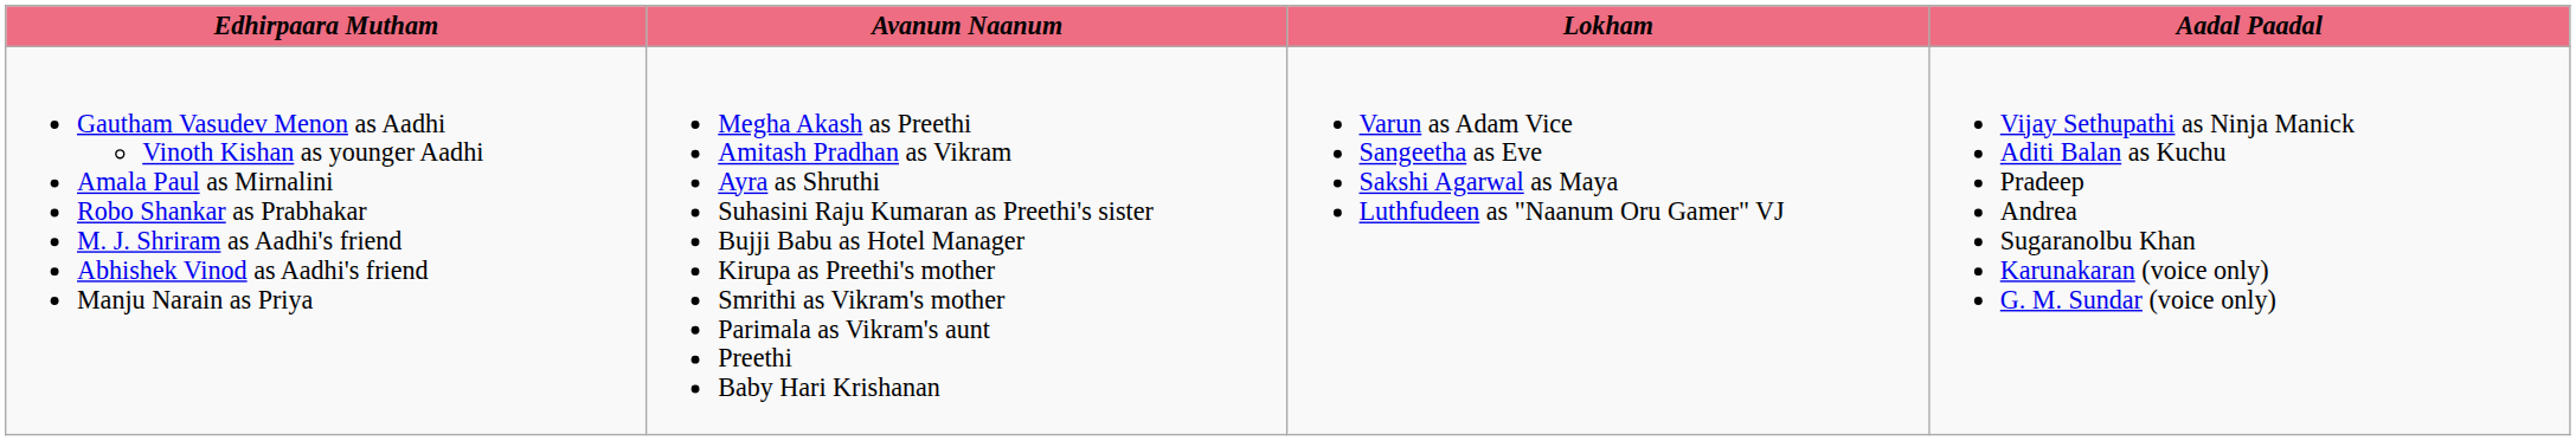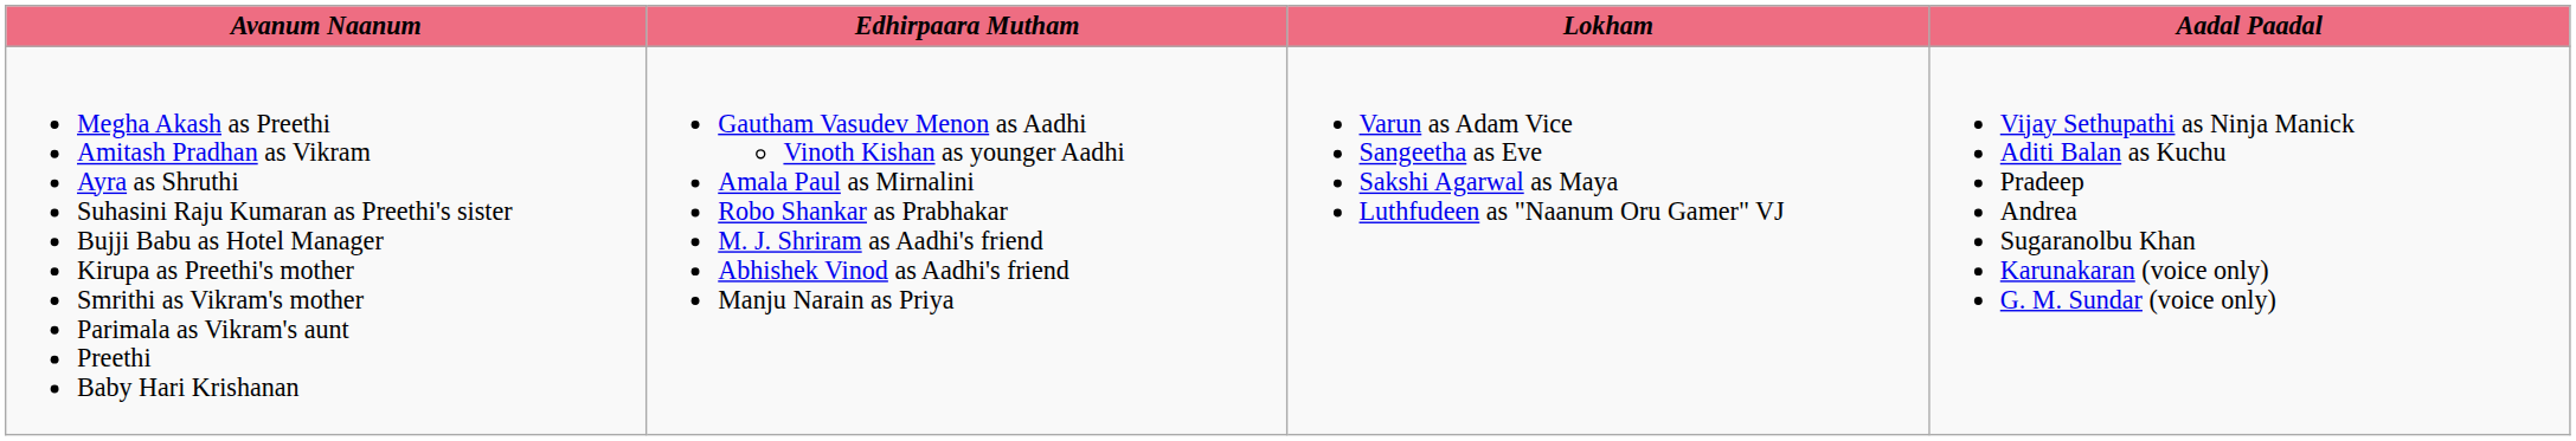 <table class=wikitable>
 <tr>
+<th style="background:#EE6D82; width:20%"><em>Avanum Naanum</em></th>
 <th style="background:#EE6D82; width:20%"><em>Edhirpaara Mutham</em></th>
-<th style="background:#EE6D82; width:20%"><em>Avanum Naanum</em></th>
 <th style="background:#EE6D82; width:20%"><em>Lokham</em></th>
 <th style="background:#EE6D82; width:20%"><em>Aadal Paadal</em></th>
 </tr>
 <tr>
+<td valign="top"><br><ul><li><a href='#'>Megha Akash</a> as Preethi</li><li><a href='#'>Amitash Pradhan</a> as Vikram</li><li><a href='#'>Ayra</a> as Shruthi</li><li>Suhasini Raju Kumaran as Preethi's sister</li><li>Bujji Babu as Hotel Manager</li><li>Kirupa as Preethi's mother</li><li>Smrithi as Vikram's mother</li><li>Parimala as Vikram's aunt</li><li>Preethi</li><li>Baby Hari Krishanan</li></ul></td>
 <td valign="top"><br><ul><li><a href='#'>Gautham Vasudev Menon</a> as Aadhi<ul><li><a href='#'>Vinoth Kishan</a> as younger Aadhi</li></ul></li><li><a href='#'>Amala Paul</a> as Mirnalini</li><li><a href='#'>Robo Shankar</a> as Prabhakar</li><li><a href='#'>M. J. Shriram</a> as Aadhi's friend</li><li><a href='#'>Abhishek Vinod</a> as Aadhi's friend</li><li>Manju Narain as Priya</li></ul></td>
-<td valign="top"><br><ul><li><a href='#'>Megha Akash</a> as Preethi</li><li><a href='#'>Amitash Pradhan</a> as Vikram</li><li><a href='#'>Ayra</a> as Shruthi</li><li>Suhasini Raju Kumaran as Preethi's sister</li><li>Bujji Babu as Hotel Manager</li><li>Kirupa as Preethi's mother</li><li>Smrithi as Vikram's mother</li><li>Parimala as Vikram's aunt</li><li>Preethi</li><li>Baby Hari Krishanan</li></ul></td>
 <td valign="top"><br><ul><li><a href='#'>Varun</a> as Adam Vice</li><li><a href='#'>Sangeetha</a> as Eve</li><li><a href='#'>Sakshi Agarwal</a> as Maya</li><li><a href='#'>Luthfudeen</a> as "Naanum Oru Gamer" VJ</li></ul></td>
 <td valign="top"><br><ul><li><a href='#'>Vijay Sethupathi</a> as Ninja Manick</li><li><a href='#'>Aditi Balan</a> as Kuchu</li><li>Pradeep</li><li>Andrea</li><li>Sugaranolbu Khan</li><li><a href='#'>Karunakaran</a> (voice only)</li><li><a href='#'>G. M. Sundar</a> (voice only)</li></ul></td>
 </tr>
 </table>
